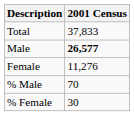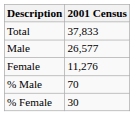 <table class="wikitable">
 <tr>
 <th>Description</th>
 <th>2001 Census</th>
 </tr>
 <tr>
 <td>Total</td>
 <td>37,833</td>
 </tr>
 <tr>
 <td>Male</td>
-<td><strong>26,577</strong></td>
+<td>26,577</td>
 </tr>
 <tr>
 <td>Female</td>
 <td>11,276</td>
 </tr>
 <tr>
 <td>% Male</td>
 <td>70</td>
 </tr>
 <tr>
 <td>% Female</td>
 <td>30</td>
 </tr>
 </table>
